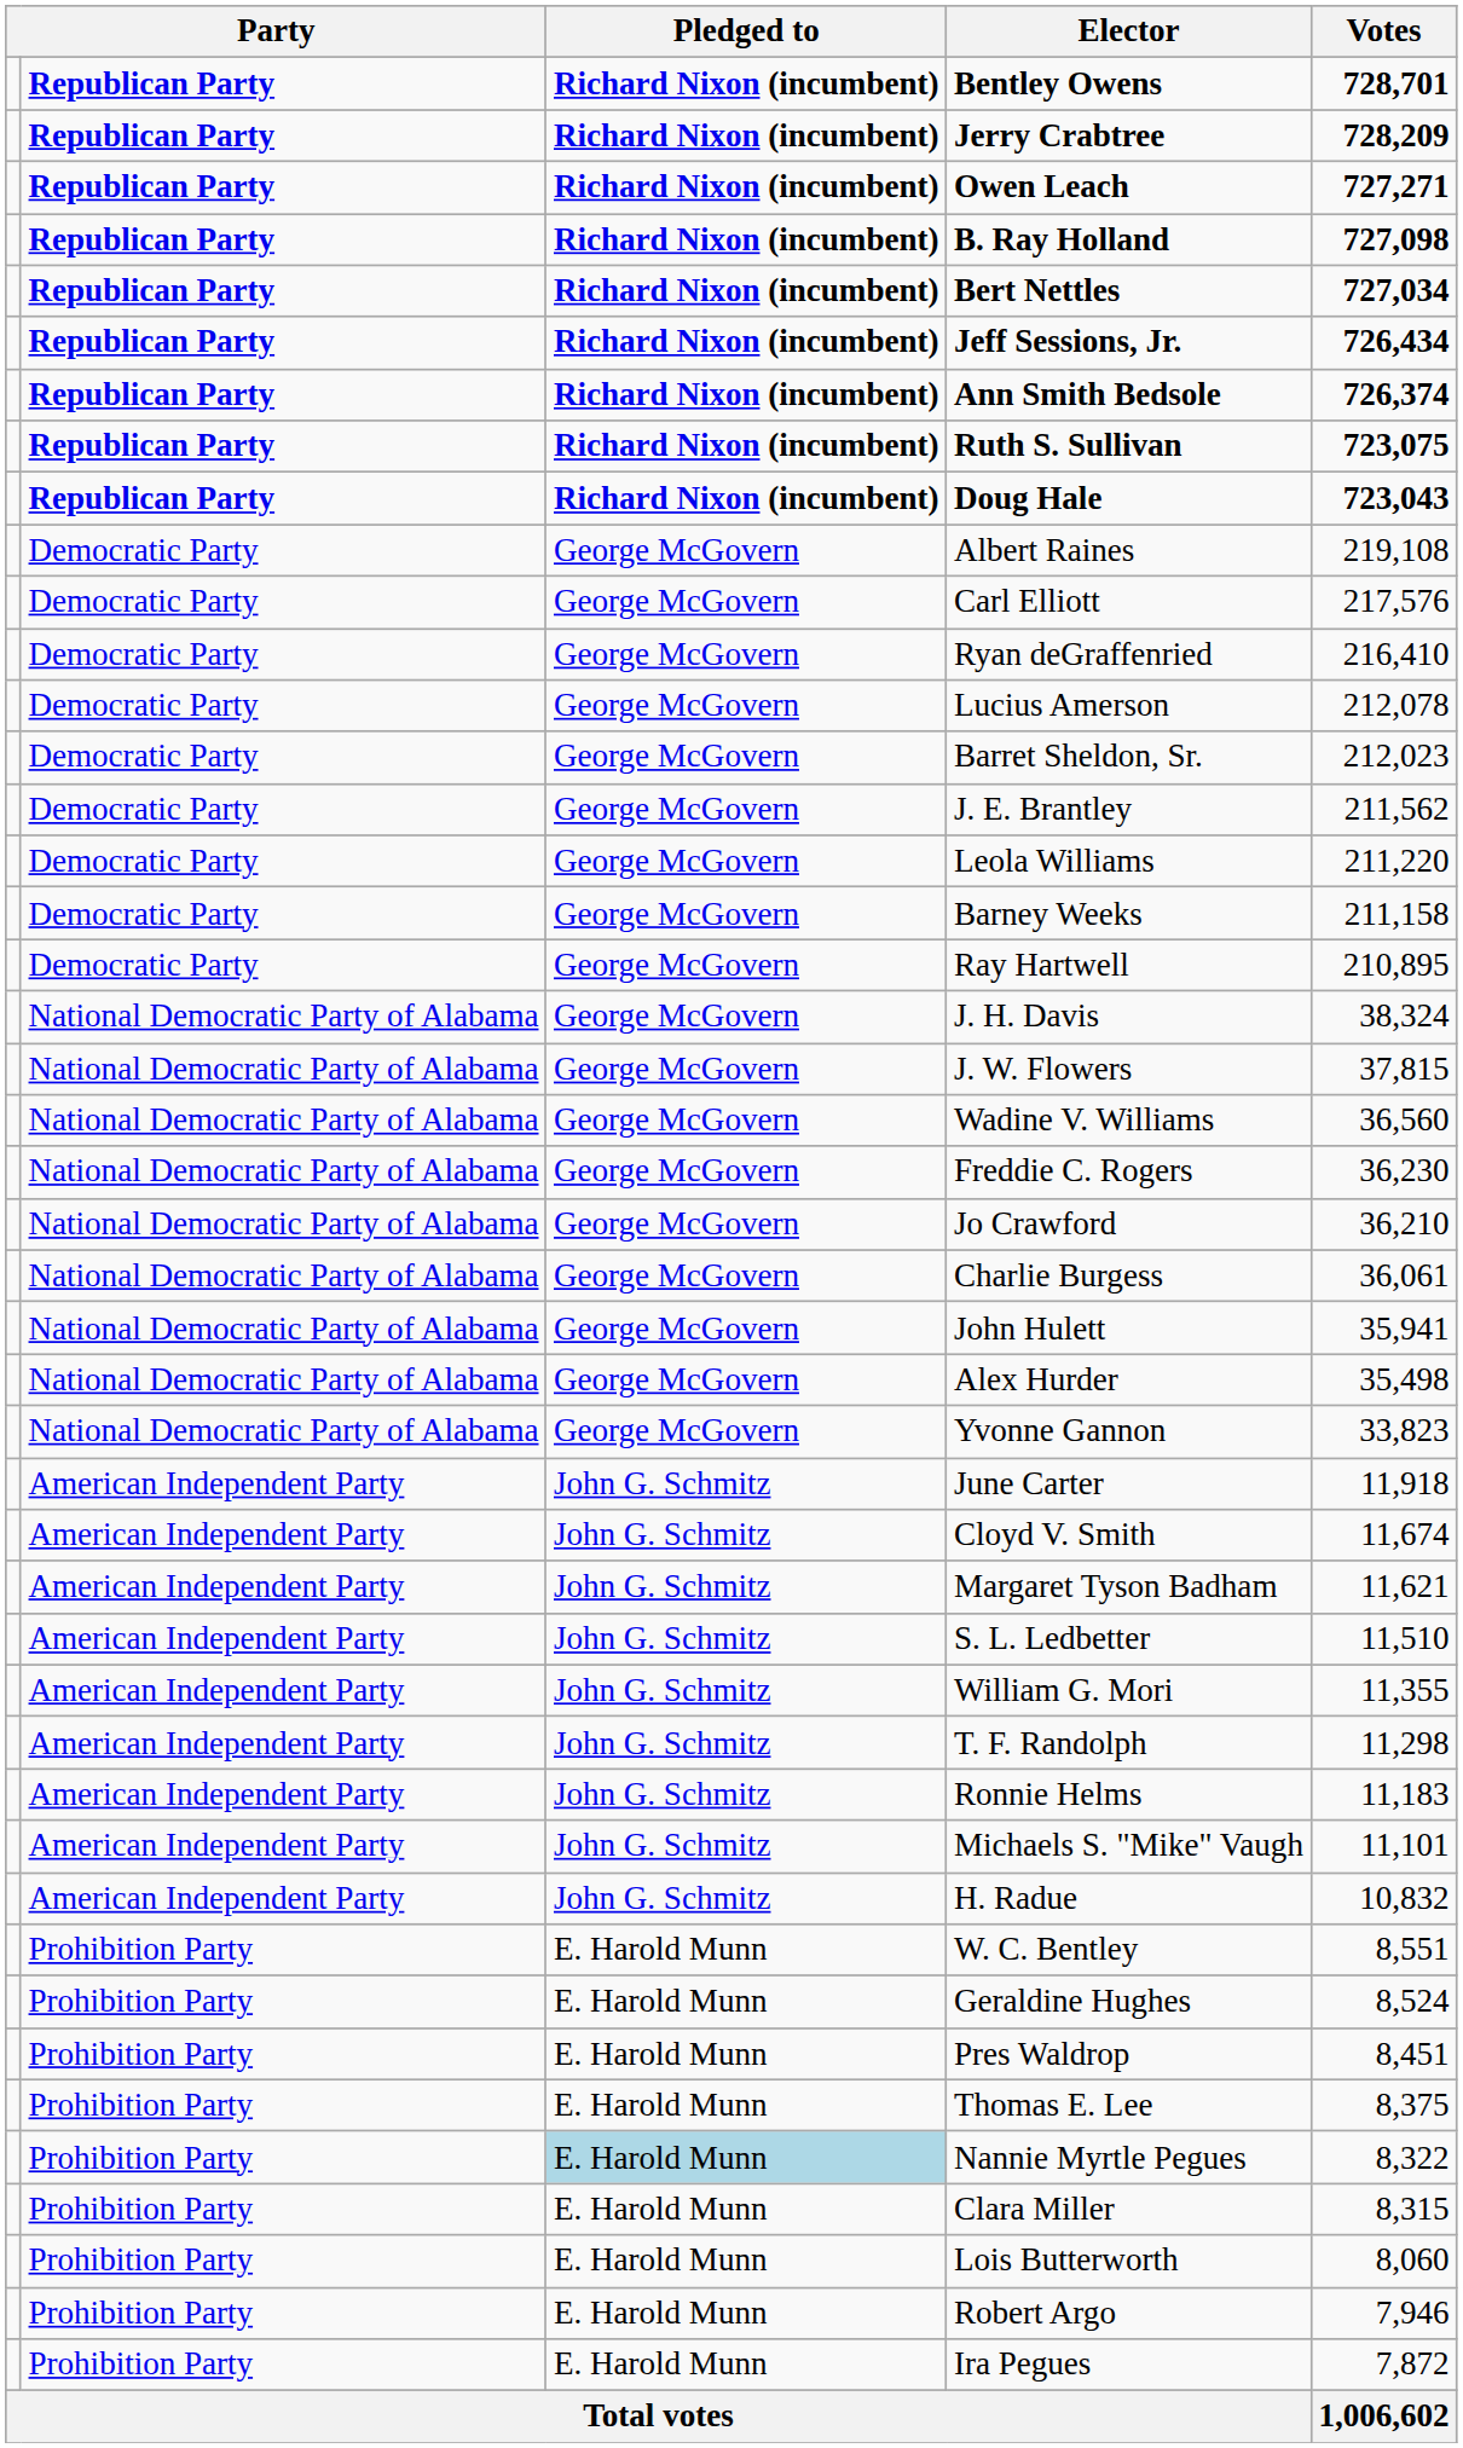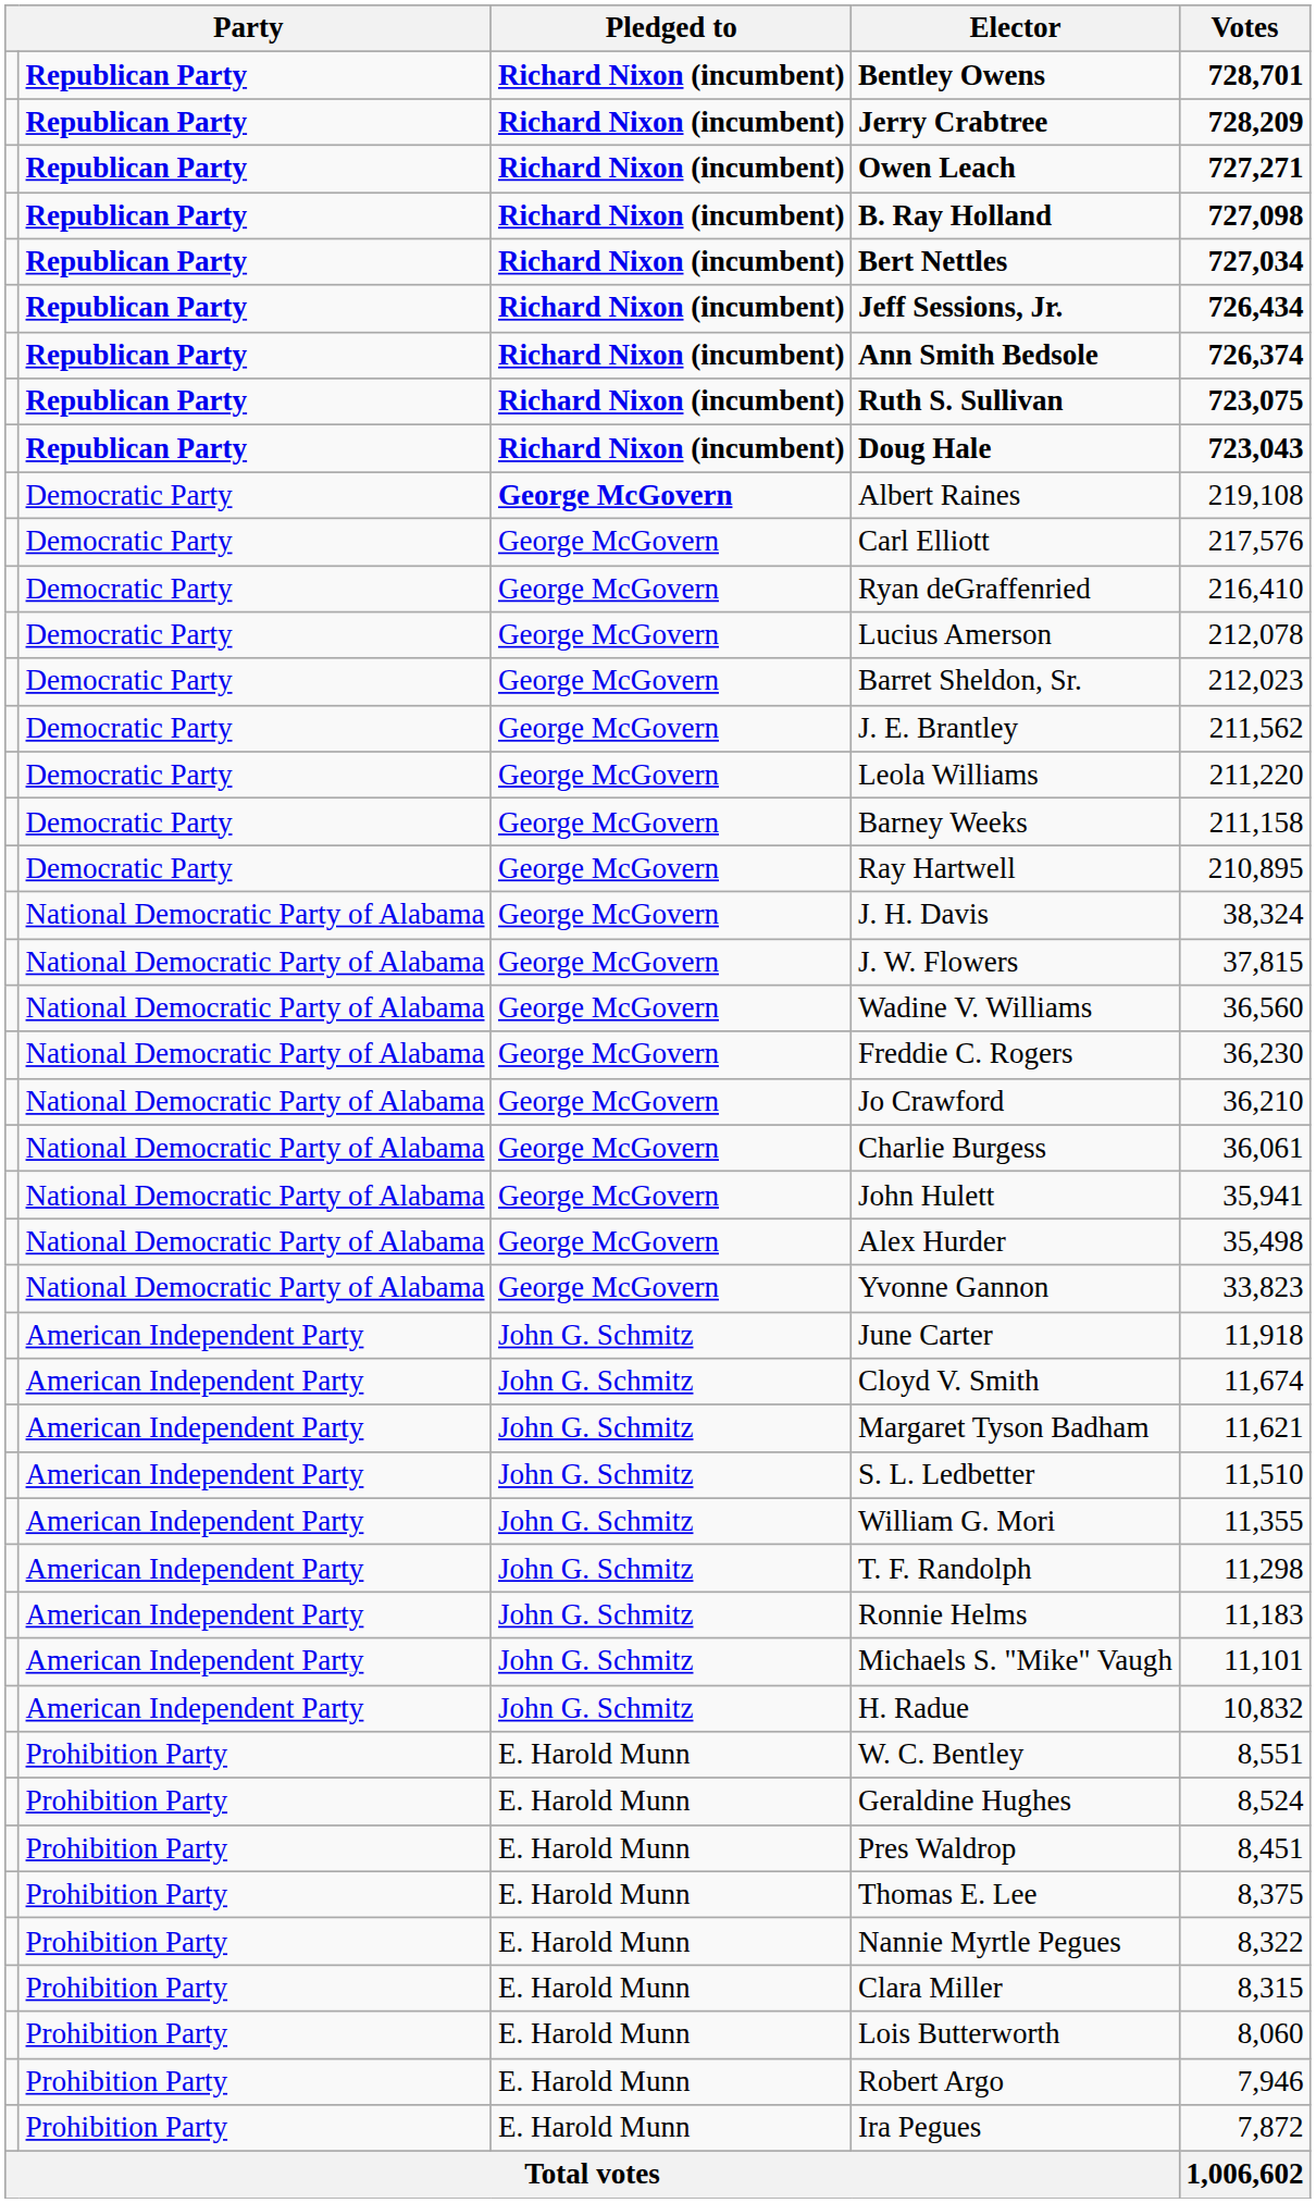 <table class="wikitable">
 <tr>
 <th colspan=2>Party</th>
 <th>Pledged to</th>
 <th>Elector</th>
 <th>Votes</th>
 </tr>
 <tr style="font-weight:bold">
 <td bgcolor=></td>
 <td><a href='#'>Republican Party</a></td>
 <td><a href='#'>Richard Nixon</a> (incumbent)</td>
 <td>Bentley Owens</td>
 <td align=right>728,701</td>
 </tr>
 <tr style="font-weight:bold">
 <td bgcolor=></td>
 <td><a href='#'>Republican Party</a></td>
 <td><a href='#'>Richard Nixon</a> (incumbent)</td>
 <td>Jerry Crabtree</td>
 <td align=right>728,209</td>
 </tr>
 <tr style="font-weight:bold">
 <td bgcolor=></td>
 <td><a href='#'>Republican Party</a></td>
 <td><a href='#'>Richard Nixon</a> (incumbent)</td>
 <td>Owen Leach</td>
 <td align=right>727,271</td>
 </tr>
 <tr style="font-weight:bold">
 <td bgcolor=></td>
 <td><a href='#'>Republican Party</a></td>
 <td><a href='#'>Richard Nixon</a> (incumbent)</td>
 <td>B. Ray Holland</td>
 <td align=right>727,098</td>
 </tr>
 <tr style="font-weight:bold">
 <td bgcolor=></td>
 <td><a href='#'>Republican Party</a></td>
 <td><a href='#'>Richard Nixon</a> (incumbent)</td>
 <td>Bert Nettles</td>
 <td align=right>727,034</td>
 </tr>
 <tr style="font-weight:bold">
 <td bgcolor=></td>
 <td><a href='#'>Republican Party</a></td>
 <td><a href='#'>Richard Nixon</a> (incumbent)</td>
 <td>Jeff Sessions, Jr.</td>
 <td align=right>726,434</td>
 </tr>
 <tr style="font-weight:bold">
 <td bgcolor=></td>
 <td><a href='#'>Republican Party</a></td>
 <td><a href='#'>Richard Nixon</a> (incumbent)</td>
 <td>Ann Smith Bedsole</td>
 <td align=right>726,374</td>
 </tr>
 <tr style="font-weight:bold">
 <td bgcolor=></td>
 <td><a href='#'>Republican Party</a></td>
 <td><a href='#'>Richard Nixon</a> (incumbent)</td>
 <td>Ruth S. Sullivan</td>
 <td align=right>723,075</td>
 </tr>
 <tr style="font-weight:bold">
 <td bgcolor=></td>
 <td><a href='#'>Republican Party</a></td>
 <td><a href='#'>Richard Nixon</a> (incumbent)</td>
 <td>Doug Hale</td>
 <td align=right>723,043</td>
 </tr>
 <tr>
 <td bgcolor=></td>
 <td><a href='#'>Democratic Party</a></td>
-<td><a href='#'>George McGovern</a></td>
+<td><strong><a href='#'>George McGovern</a></strong></td>
 <td>Albert Raines</td>
 <td align=right>219,108</td>
 </tr>
 <tr>
 <td bgcolor=></td>
 <td><a href='#'>Democratic Party</a></td>
 <td><a href='#'>George McGovern</a></td>
 <td>Carl Elliott</td>
 <td align=right>217,576</td>
 </tr>
 <tr>
 <td bgcolor=></td>
 <td><a href='#'>Democratic Party</a></td>
 <td><a href='#'>George McGovern</a></td>
 <td>Ryan deGraffenried</td>
 <td align=right>216,410</td>
 </tr>
 <tr>
 <td bgcolor=></td>
 <td><a href='#'>Democratic Party</a></td>
 <td><a href='#'>George McGovern</a></td>
 <td>Lucius Amerson</td>
 <td align=right>212,078</td>
 </tr>
 <tr>
 <td bgcolor=></td>
 <td><a href='#'>Democratic Party</a></td>
 <td><a href='#'>George McGovern</a></td>
 <td>Barret Sheldon, Sr.</td>
 <td align=right>212,023</td>
 </tr>
 <tr>
 <td bgcolor=></td>
 <td><a href='#'>Democratic Party</a></td>
 <td><a href='#'>George McGovern</a></td>
 <td>J. E. Brantley</td>
 <td align=right>211,562</td>
 </tr>
 <tr>
 <td bgcolor=></td>
 <td><a href='#'>Democratic Party</a></td>
 <td><a href='#'>George McGovern</a></td>
 <td>Leola Williams</td>
 <td align=right>211,220</td>
 </tr>
 <tr>
 <td bgcolor=></td>
 <td><a href='#'>Democratic Party</a></td>
 <td><a href='#'>George McGovern</a></td>
 <td>Barney Weeks</td>
 <td align=right>211,158</td>
 </tr>
 <tr>
 <td bgcolor=></td>
 <td><a href='#'>Democratic Party</a></td>
 <td><a href='#'>George McGovern</a></td>
 <td>Ray Hartwell</td>
 <td align=right>210,895</td>
 </tr>
 <tr>
 <td bgcolor=></td>
 <td><a href='#'>National Democratic Party of Alabama</a></td>
 <td><a href='#'>George McGovern</a></td>
 <td>J. H. Davis</td>
 <td align=right>38,324</td>
 </tr>
 <tr>
 <td bgcolor=></td>
 <td><a href='#'>National Democratic Party of Alabama</a></td>
 <td><a href='#'>George McGovern</a></td>
 <td>J. W. Flowers</td>
 <td align=right>37,815</td>
 </tr>
 <tr>
 <td bgcolor=></td>
 <td><a href='#'>National Democratic Party of Alabama</a></td>
 <td><a href='#'>George McGovern</a></td>
 <td>Wadine V. Williams</td>
 <td align=right>36,560</td>
 </tr>
 <tr>
 <td bgcolor=></td>
 <td><a href='#'>National Democratic Party of Alabama</a></td>
 <td><a href='#'>George McGovern</a></td>
 <td>Freddie C. Rogers</td>
 <td align=right>36,230</td>
 </tr>
 <tr>
 <td bgcolor=></td>
 <td><a href='#'>National Democratic Party of Alabama</a></td>
 <td><a href='#'>George McGovern</a></td>
 <td>Jo Crawford</td>
 <td align=right>36,210</td>
 </tr>
 <tr>
 <td bgcolor=></td>
 <td><a href='#'>National Democratic Party of Alabama</a></td>
 <td><a href='#'>George McGovern</a></td>
 <td>Charlie Burgess</td>
 <td align=right>36,061</td>
 </tr>
 <tr>
 <td bgcolor=></td>
 <td><a href='#'>National Democratic Party of Alabama</a></td>
 <td><a href='#'>George McGovern</a></td>
 <td>John Hulett</td>
 <td align=right>35,941</td>
 </tr>
 <tr>
 <td bgcolor=></td>
 <td><a href='#'>National Democratic Party of Alabama</a></td>
 <td><a href='#'>George McGovern</a></td>
 <td>Alex Hurder</td>
 <td align=right>35,498</td>
 </tr>
 <tr>
 <td bgcolor=></td>
 <td><a href='#'>National Democratic Party of Alabama</a></td>
 <td><a href='#'>George McGovern</a></td>
 <td>Yvonne Gannon</td>
 <td align=right>33,823</td>
 </tr>
 <tr>
 <td bgcolor=></td>
 <td><a href='#'>American Independent Party</a></td>
 <td><a href='#'>John G. Schmitz</a></td>
 <td>June Carter</td>
 <td align=right>11,918</td>
 </tr>
 <tr>
 <td bgcolor=></td>
 <td><a href='#'>American Independent Party</a></td>
 <td><a href='#'>John G. Schmitz</a></td>
 <td>Cloyd V. Smith</td>
 <td align=right>11,674</td>
 </tr>
 <tr>
 <td bgcolor=></td>
 <td><a href='#'>American Independent Party</a></td>
 <td><a href='#'>John G. Schmitz</a></td>
 <td>Margaret Tyson Badham</td>
 <td align=right>11,621</td>
 </tr>
 <tr>
 <td bgcolor=></td>
 <td><a href='#'>American Independent Party</a></td>
 <td><a href='#'>John G. Schmitz</a></td>
 <td>S. L. Ledbetter</td>
 <td align=right>11,510</td>
 </tr>
 <tr>
 <td bgcolor=></td>
 <td><a href='#'>American Independent Party</a></td>
 <td><a href='#'>John G. Schmitz</a></td>
 <td>William G. Mori</td>
 <td align=right>11,355</td>
 </tr>
 <tr>
 <td bgcolor=></td>
 <td><a href='#'>American Independent Party</a></td>
 <td><a href='#'>John G. Schmitz</a></td>
 <td>T. F. Randolph</td>
 <td align=right>11,298</td>
 </tr>
 <tr>
 <td bgcolor=></td>
 <td><a href='#'>American Independent Party</a></td>
 <td><a href='#'>John G. Schmitz</a></td>
 <td>Ronnie Helms</td>
 <td align=right>11,183</td>
 </tr>
 <tr>
 <td bgcolor=></td>
 <td><a href='#'>American Independent Party</a></td>
 <td><a href='#'>John G. Schmitz</a></td>
 <td>Michaels S. "Mike" Vaugh</td>
 <td align=right>11,101</td>
 </tr>
 <tr>
 <td bgcolor=></td>
 <td><a href='#'>American Independent Party</a></td>
 <td><a href='#'>John G. Schmitz</a></td>
 <td>H. Radue</td>
 <td align=right>10,832</td>
 </tr>
 <tr>
 <td bgcolor=></td>
 <td><a href='#'>Prohibition Party</a></td>
 <td>E. Harold Munn</td>
 <td>W. C. Bentley</td>
 <td align=right>8,551</td>
 </tr>
 <tr>
 <td bgcolor=></td>
 <td><a href='#'>Prohibition Party</a></td>
 <td>E. Harold Munn</td>
 <td>Geraldine Hughes</td>
 <td align=right>8,524</td>
 </tr>
 <tr>
 <td bgcolor=></td>
 <td><a href='#'>Prohibition Party</a></td>
 <td>E. Harold Munn</td>
 <td>Pres Waldrop</td>
 <td align=right>8,451</td>
 </tr>
 <tr>
 <td bgcolor=></td>
 <td><a href='#'>Prohibition Party</a></td>
 <td>E. Harold Munn</td>
 <td>Thomas E. Lee</td>
 <td align=right>8,375</td>
 </tr>
 <tr>
 <td bgcolor=></td>
 <td><a href='#'>Prohibition Party</a></td>
-<td style="background: lightblue;">E. Harold Munn</td>
+<td>E. Harold Munn</td>
 <td>Nannie Myrtle Pegues</td>
 <td align=right>8,322</td>
 </tr>
 <tr>
 <td bgcolor=></td>
 <td><a href='#'>Prohibition Party</a></td>
 <td>E. Harold Munn</td>
 <td>Clara Miller</td>
 <td align=right>8,315</td>
 </tr>
 <tr>
 <td bgcolor=></td>
 <td><a href='#'>Prohibition Party</a></td>
 <td>E. Harold Munn</td>
 <td>Lois Butterworth</td>
 <td align=right>8,060</td>
 </tr>
 <tr>
 <td bgcolor=></td>
 <td><a href='#'>Prohibition Party</a></td>
 <td>E. Harold Munn</td>
 <td>Robert Argo</td>
 <td align=right>7,946</td>
 </tr>
 <tr>
 <td bgcolor=></td>
 <td><a href='#'>Prohibition Party</a></td>
 <td>E. Harold Munn</td>
 <td>Ira Pegues</td>
 <td align=right>7,872</td>
 </tr>
 <tr>
 <th colspan=4>Total votes</th>
 <th>1,006,602</th>
 </tr>
 </table>
